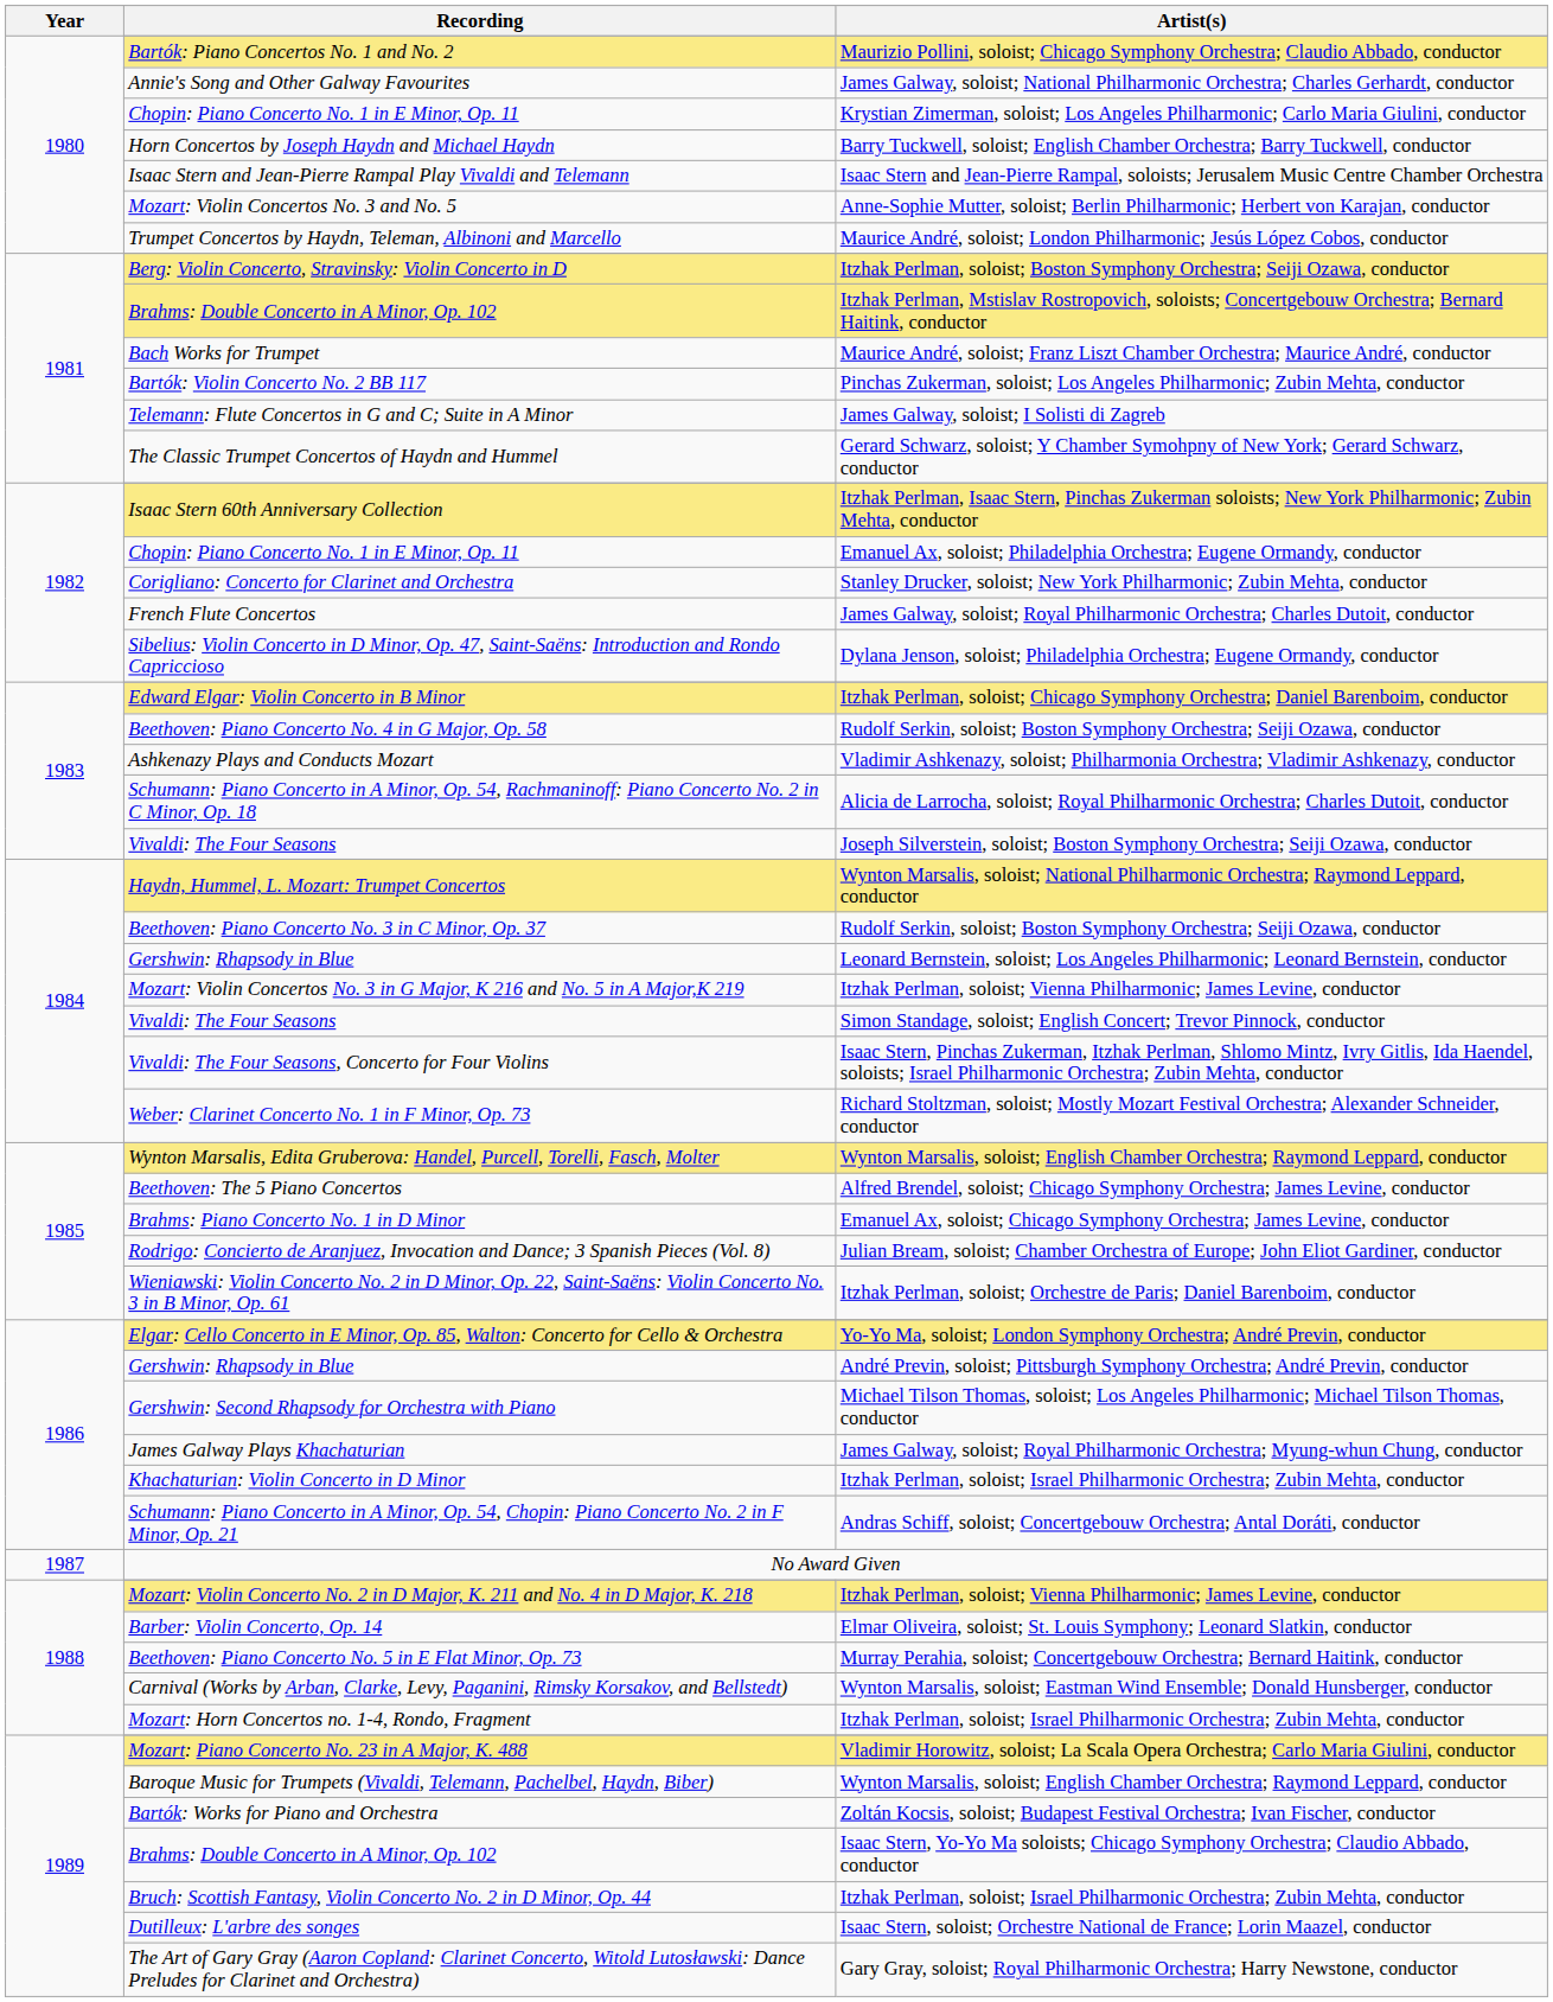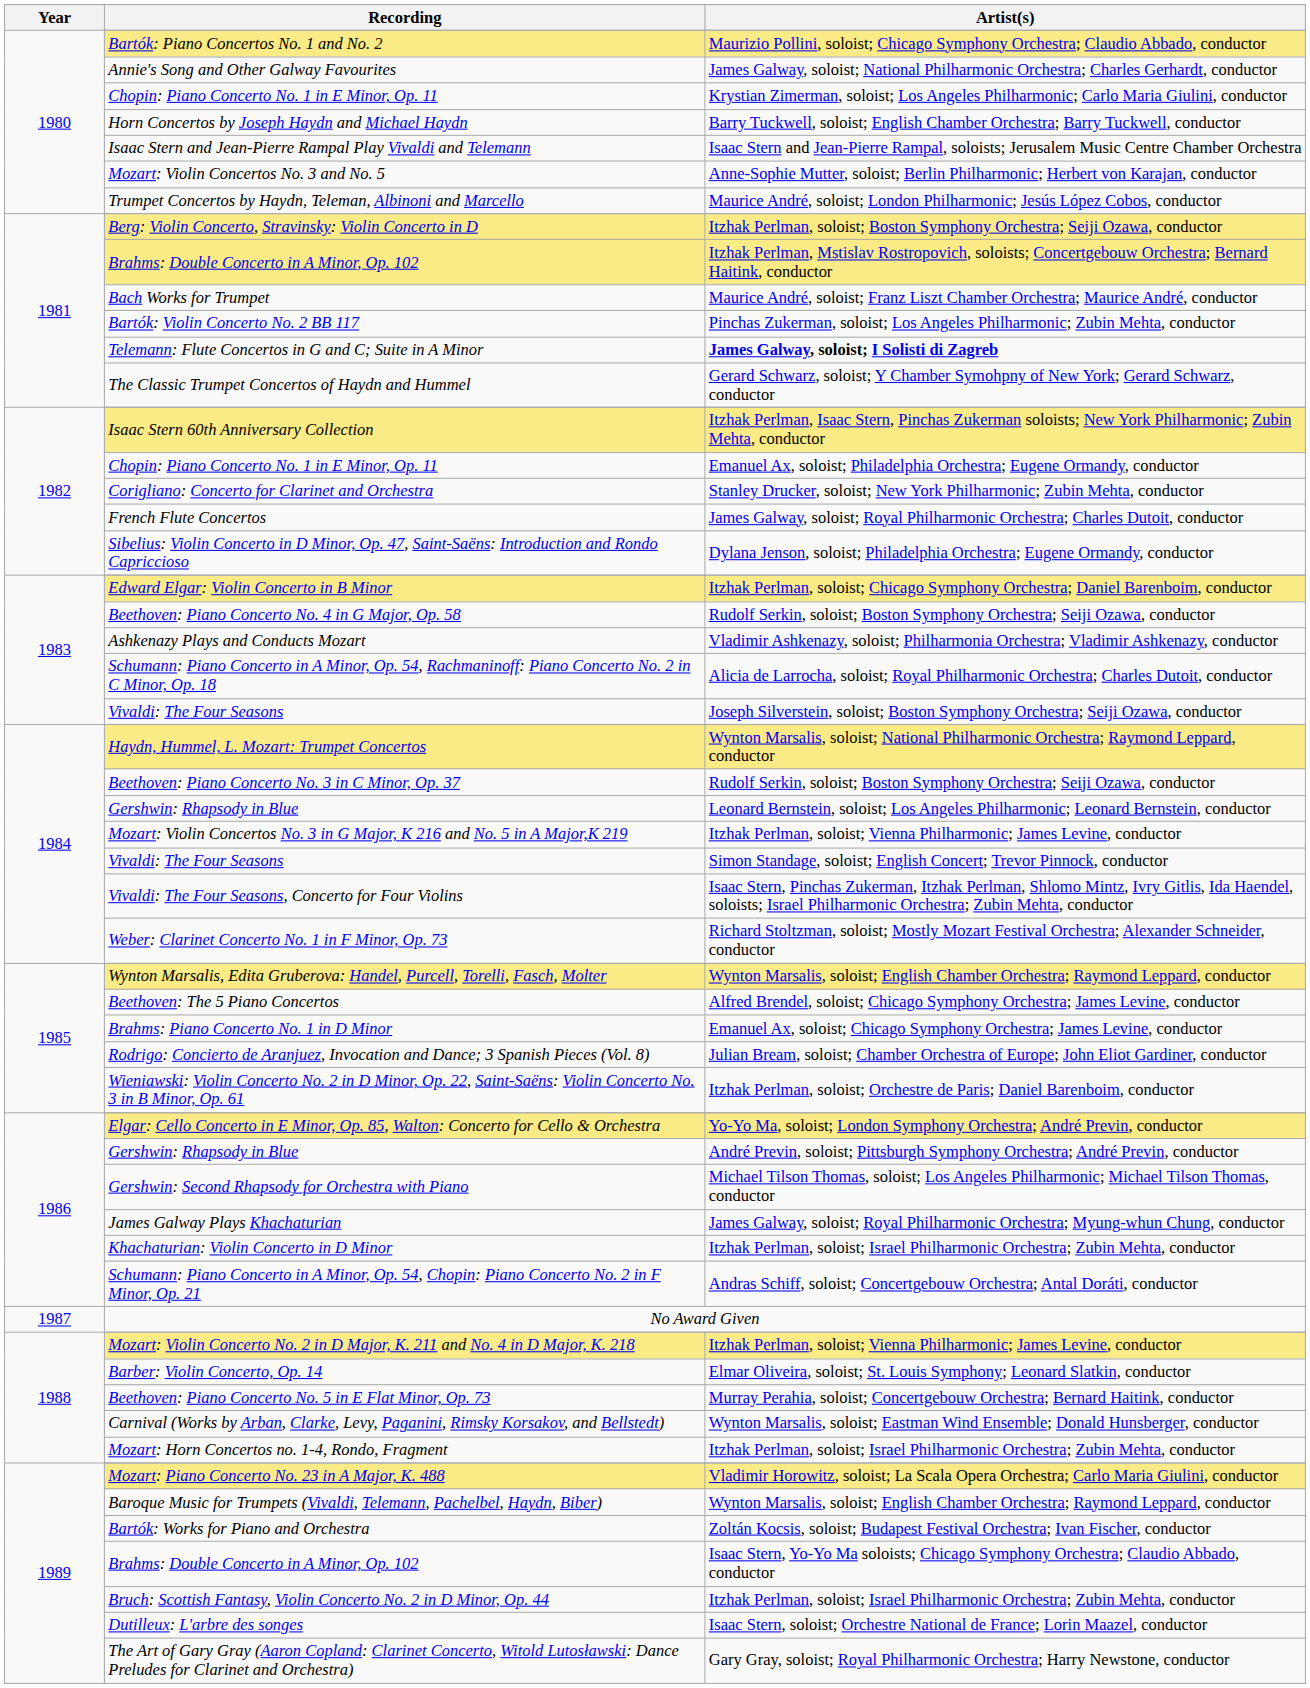 <table class="wikitable" style="width:100%">
 <tr bgcolor="#bebebe">
 </tr>
 <tr bgcolor="#bebebe">
 <th width="5%">Year</th>
 <th width="30%">Recording</th>
 <th width="30%">Artist(s)</th>
 </tr>
 <tr>
 <td rowspan="8" style="text-align:center;"><a href='#'>1980</a><br></td>
 </tr>
 <tr style="background:#FAEB86;">
 <td><em><a href='#'>Bartók</a>: Piano Concertos No. 1 and No. 2</em></td>
 <td><a href='#'>Maurizio Pollini</a>, soloist; <a href='#'>Chicago Symphony Orchestra</a>; <a href='#'>Claudio Abbado</a>, conductor</td>
 </tr>
 <tr>
 <td><em>Annie's Song and Other Galway Favourites</em></td>
 <td><a href='#'>James Galway</a>, soloist; <a href='#'>National Philharmonic Orchestra</a>; <a href='#'>Charles Gerhardt</a>, conductor</td>
 </tr>
 <tr>
 <td><em><a href='#'>Chopin</a>: <a href='#'>Piano Concerto No. 1 in E Minor, Op. 11</a></em></td>
 <td><a href='#'>Krystian Zimerman</a>, soloist; <a href='#'>Los Angeles Philharmonic</a>; <a href='#'>Carlo Maria Giulini</a>, conductor</td>
 </tr>
 <tr>
 <td><em>Horn Concertos by <a href='#'>Joseph Haydn</a> and <a href='#'>Michael Haydn</a></em></td>
 <td><a href='#'>Barry Tuckwell</a>, soloist; <a href='#'>English Chamber Orchestra</a>; <a href='#'>Barry Tuckwell</a>, conductor</td>
 </tr>
 <tr>
 <td><em>Isaac Stern and Jean-Pierre Rampal Play <a href='#'>Vivaldi</a> and <a href='#'>Telemann</a></em></td>
 <td><a href='#'>Isaac Stern</a> and <a href='#'>Jean-Pierre Rampal</a>, soloists; Jerusalem Music Centre Chamber Orchestra</td>
 </tr>
 <tr>
 <td><em><a href='#'>Mozart</a>: Violin Concertos No. 3 and No. 5</em></td>
 <td><a href='#'>Anne-Sophie Mutter</a>, soloist; <a href='#'>Berlin Philharmonic</a>; <a href='#'>Herbert von Karajan</a>, conductor</td>
 </tr>
 <tr>
 <td><em>Trumpet Concertos by Haydn, Teleman, <a href='#'>Albinoni</a> and <a href='#'>Marcello</a></em></td>
 <td><a href='#'>Maurice André</a>, soloist; <a href='#'>London Philharmonic</a>; <a href='#'>Jesús López Cobos</a>, conductor</td>
 </tr>
 <tr>
 <td rowspan="7" style="text-align:center;"><a href='#'>1981</a><br></td>
 </tr>
 <tr style="background:#FAEB86;">
 <td><em><a href='#'>Berg</a>: <a href='#'>Violin Concerto</a>, <a href='#'>Stravinsky</a>: <a href='#'>Violin Concerto in D</a></em></td>
 <td><a href='#'>Itzhak Perlman</a>, soloist; <a href='#'>Boston Symphony Orchestra</a>; <a href='#'>Seiji Ozawa</a>, conductor</td>
 </tr>
 <tr style="background:#FAEB86;">
 <td><em><a href='#'>Brahms</a>: <a href='#'>Double Concerto in A Minor, Op. 102</a></em></td>
 <td><a href='#'>Itzhak Perlman</a>, <a href='#'>Mstislav Rostropovich</a>, soloists; <a href='#'>Concertgebouw Orchestra</a>; <a href='#'>Bernard Haitink</a>, conductor</td>
 </tr>
 <tr>
 <td><em><a href='#'>Bach</a> Works for Trumpet</em></td>
 <td><a href='#'>Maurice André</a>, soloist; <a href='#'>Franz Liszt Chamber Orchestra</a>; <a href='#'>Maurice André</a>, conductor</td>
 </tr>
 <tr>
 <td><em><a href='#'>Bartók</a>: <a href='#'>Violin Concerto No. 2 BB 117</a></em></td>
 <td><a href='#'>Pinchas Zukerman</a>, soloist; <a href='#'>Los Angeles Philharmonic</a>; <a href='#'>Zubin Mehta</a>, conductor</td>
 </tr>
 <tr>
 <td><em><a href='#'>Telemann</a>: Flute Concertos in G and C; Suite in A Minor</em></td>
-<td><a href='#'>James Galway</a>, soloist; <a href='#'>I Solisti di Zagreb</a></td>
+<td><strong><a href='#'>James Galway</a>, soloist; <a href='#'>I Solisti di Zagreb</a></strong></td>
 </tr>
 <tr>
 <td><em>The Classic Trumpet Concertos of Haydn and Hummel</em></td>
 <td><a href='#'>Gerard Schwarz</a>, soloist; <a href='#'>Y Chamber Symohpny of New York</a>; <a href='#'>Gerard Schwarz</a>, conductor</td>
 </tr>
 <tr>
 <td rowspan="6" style="text-align:center;"><a href='#'>1982</a><br></td>
 </tr>
 <tr style="background:#FAEB86;">
 <td><em>Isaac Stern 60th Anniversary Collection</em></td>
 <td><a href='#'>Itzhak Perlman</a>, <a href='#'>Isaac Stern</a>, <a href='#'>Pinchas Zukerman</a> soloists; <a href='#'>New York Philharmonic</a>; <a href='#'>Zubin Mehta</a>, conductor</td>
 </tr>
 <tr>
 <td><em><a href='#'>Chopin</a>: <a href='#'>Piano Concerto No. 1 in E Minor, Op. 11</a></em></td>
 <td><a href='#'>Emanuel Ax</a>, soloist; <a href='#'>Philadelphia Orchestra</a>; <a href='#'>Eugene Ormandy</a>, conductor</td>
 </tr>
 <tr>
 <td><em><a href='#'>Corigliano</a>: <a href='#'>Concerto for Clarinet and Orchestra</a></em></td>
 <td><a href='#'>Stanley Drucker</a>, soloist; <a href='#'>New York Philharmonic</a>; <a href='#'>Zubin Mehta</a>, conductor</td>
 </tr>
 <tr>
 <td><em>French Flute Concertos</em></td>
 <td><a href='#'>James Galway</a>, soloist; <a href='#'>Royal Philharmonic Orchestra</a>; <a href='#'>Charles Dutoit</a>, conductor</td>
 </tr>
 <tr>
 <td><em><a href='#'>Sibelius</a>: <a href='#'>Violin Concerto in D Minor, Op. 47</a>, <a href='#'>Saint-Saëns</a>: <a href='#'>Introduction and Rondo Capriccioso</a></em></td>
 <td><a href='#'>Dylana Jenson</a>, soloist; <a href='#'>Philadelphia Orchestra</a>; <a href='#'>Eugene Ormandy</a>, conductor</td>
 </tr>
 <tr>
 <td rowspan="6" style="text-align:center;"><a href='#'>1983</a><br></td>
 </tr>
 <tr style="background:#FAEB86;">
 <td><em><a href='#'>Edward Elgar</a>: <a href='#'>Violin Concerto in B Minor</a></em></td>
 <td><a href='#'>Itzhak Perlman</a>, soloist; <a href='#'>Chicago Symphony Orchestra</a>; <a href='#'>Daniel Barenboim</a>, conductor</td>
 </tr>
 <tr>
 <td><em><a href='#'>Beethoven</a>: <a href='#'>Piano Concerto No. 4 in G Major, Op. 58</a></em></td>
 <td><a href='#'>Rudolf Serkin</a>, soloist; <a href='#'>Boston Symphony Orchestra</a>; <a href='#'>Seiji Ozawa</a>, conductor</td>
 </tr>
 <tr>
 <td><em>Ashkenazy Plays and Conducts Mozart</em></td>
 <td><a href='#'>Vladimir Ashkenazy</a>, soloist; <a href='#'>Philharmonia Orchestra</a>; <a href='#'>Vladimir Ashkenazy</a>, conductor</td>
 </tr>
 <tr>
 <td><em><a href='#'>Schumann</a>: <a href='#'>Piano Concerto in A Minor, Op. 54</a>, <a href='#'>Rachmaninoff</a>: <a href='#'>Piano Concerto No. 2 in C Minor, Op. 18</a></em></td>
 <td><a href='#'>Alicia de Larrocha</a>, soloist; <a href='#'>Royal Philharmonic Orchestra</a>; <a href='#'>Charles Dutoit</a>, conductor</td>
 </tr>
 <tr>
 <td><em><a href='#'>Vivaldi</a>: <a href='#'>The Four Seasons</a></em></td>
 <td><a href='#'>Joseph Silverstein</a>, soloist; <a href='#'>Boston Symphony Orchestra</a>; <a href='#'>Seiji Ozawa</a>, conductor</td>
 </tr>
 <tr>
 <td rowspan="8" style="text-align:center;"><a href='#'>1984</a><br></td>
 </tr>
 <tr style="background:#FAEB86;">
 <td><em><a href='#'>Haydn, Hummel, L. Mozart: Trumpet Concertos</a></em></td>
 <td><a href='#'>Wynton Marsalis</a>, soloist; <a href='#'>National Philharmonic Orchestra</a>; <a href='#'>Raymond Leppard</a>, conductor</td>
 </tr>
 <tr>
 <td><em><a href='#'>Beethoven</a>: <a href='#'>Piano Concerto No. 3 in C Minor, Op. 37</a></em></td>
 <td><a href='#'>Rudolf Serkin</a>, soloist; <a href='#'>Boston Symphony Orchestra</a>; <a href='#'>Seiji Ozawa</a>, conductor</td>
 </tr>
 <tr>
 <td><em><a href='#'>Gershwin</a>: <a href='#'>Rhapsody in Blue </a></em></td>
 <td><a href='#'>Leonard Bernstein</a>, soloist; <a href='#'>Los Angeles Philharmonic</a>; <a href='#'>Leonard Bernstein</a>, conductor</td>
 </tr>
 <tr>
 <td><em><a href='#'>Mozart</a>: Violin Concertos <a href='#'>No. 3 in G Major, K 216</a> and <a href='#'>No. 5 in A Major,K 219</a></em></td>
 <td><a href='#'>Itzhak Perlman</a>, soloist; <a href='#'>Vienna Philharmonic</a>; <a href='#'>James Levine</a>, conductor</td>
 </tr>
 <tr>
 <td><em><a href='#'>Vivaldi</a>: <a href='#'>The Four Seasons</a></em></td>
 <td><a href='#'>Simon Standage</a>, soloist; <a href='#'>English Concert</a>; <a href='#'>Trevor Pinnock</a>, conductor</td>
 </tr>
 <tr>
 <td><em><a href='#'>Vivaldi</a>: <a href='#'>The Four Seasons</a>, Concerto for Four Violins</em></td>
 <td><a href='#'>Isaac Stern</a>, <a href='#'>Pinchas Zukerman</a>, <a href='#'>Itzhak Perlman</a>, <a href='#'>Shlomo Mintz</a>, <a href='#'>Ivry Gitlis</a>, <a href='#'>Ida Haendel</a>, soloists; <a href='#'>Israel Philharmonic Orchestra</a>; <a href='#'>Zubin Mehta</a>, conductor</td>
 </tr>
 <tr>
 <td><em><a href='#'>Weber</a>: <a href='#'>Clarinet Concerto No. 1 in F Minor, Op. 73</a></em></td>
 <td><a href='#'>Richard Stoltzman</a>, soloist; <a href='#'>Mostly Mozart Festival Orchestra</a>; <a href='#'>Alexander Schneider</a>, conductor</td>
 </tr>
 <tr>
 <td rowspan="6" style="text-align:center;"><a href='#'>1985</a><br></td>
 </tr>
 <tr style="background:#FAEB86;">
 <td><em>Wynton Marsalis, Edita Gruberova: <a href='#'>Handel</a>, <a href='#'>Purcell</a>, <a href='#'>Torelli</a>, <a href='#'>Fasch</a>, <a href='#'>Molter</a></em></td>
 <td><a href='#'>Wynton Marsalis</a>, soloist; <a href='#'>English Chamber Orchestra</a>; <a href='#'>Raymond Leppard</a>, conductor</td>
 </tr>
 <tr>
 <td><em><a href='#'>Beethoven</a>: The 5 Piano Concertos</em></td>
 <td><a href='#'>Alfred Brendel</a>, soloist; <a href='#'>Chicago Symphony Orchestra</a>; <a href='#'>James Levine</a>, conductor</td>
 </tr>
 <tr>
 <td><em><a href='#'>Brahms</a>: <a href='#'>Piano Concerto No. 1 in D Minor</a></em></td>
 <td><a href='#'>Emanuel Ax</a>, soloist; <a href='#'>Chicago Symphony Orchestra</a>; <a href='#'>James Levine</a>, conductor</td>
 </tr>
 <tr>
 <td><em><a href='#'>Rodrigo</a>: <a href='#'>Concierto de Aranjuez</a>, Invocation and Dance; 3 Spanish Pieces (Vol. 8)</em></td>
 <td><a href='#'>Julian Bream</a>, soloist; <a href='#'>Chamber Orchestra of Europe</a>; <a href='#'>John Eliot Gardiner</a>, conductor</td>
 </tr>
 <tr>
 <td><em><a href='#'>Wieniawski</a>: <a href='#'>Violin Concerto No. 2 in D Minor, Op. 22</a>, <a href='#'>Saint-Saëns</a>: <a href='#'>Violin Concerto No. 3 in B Minor, Op. 61</a></em></td>
 <td><a href='#'>Itzhak Perlman</a>, soloist; <a href='#'>Orchestre de Paris</a>; <a href='#'>Daniel Barenboim</a>, conductor</td>
 </tr>
 <tr>
 <td rowspan="7" style="text-align:center;"><a href='#'>1986</a><br></td>
 </tr>
 <tr style="background:#FAEB86;">
 <td><em><a href='#'>Elgar</a>: <a href='#'>Cello Concerto in E Minor, Op. 85</a>, <a href='#'>Walton</a>: Concerto for Cello & Orchestra</em></td>
 <td><a href='#'>Yo-Yo Ma</a>, soloist; <a href='#'>London Symphony Orchestra</a>; <a href='#'>André Previn</a>, conductor</td>
 </tr>
 <tr>
 <td><em><a href='#'>Gershwin</a>: <a href='#'>Rhapsody in Blue</a></em></td>
 <td><a href='#'>André Previn</a>, soloist; <a href='#'>Pittsburgh Symphony Orchestra</a>; <a href='#'>André Previn</a>, conductor</td>
 </tr>
 <tr>
 <td><em><a href='#'>Gershwin</a>: <a href='#'>Second Rhapsody for Orchestra with Piano</a></em></td>
 <td><a href='#'>Michael Tilson Thomas</a>, soloist; <a href='#'>Los Angeles Philharmonic</a>; <a href='#'>Michael Tilson Thomas</a>, conductor</td>
 </tr>
 <tr>
 <td><em>James Galway Plays <a href='#'>Khachaturian</a></em></td>
 <td><a href='#'>James Galway</a>, soloist; <a href='#'>Royal Philharmonic Orchestra</a>; <a href='#'>Myung-whun Chung</a>, conductor</td>
 </tr>
 <tr>
 <td><em><a href='#'>Khachaturian</a>: <a href='#'>Violin Concerto in D Minor</a></em></td>
 <td><a href='#'>Itzhak Perlman</a>, soloist; <a href='#'>Israel Philharmonic Orchestra</a>; <a href='#'>Zubin Mehta</a>, conductor</td>
 </tr>
 <tr>
 <td><em><a href='#'>Schumann</a>: <a href='#'>Piano Concerto in A Minor, Op. 54</a>, <a href='#'>Chopin</a>: <a href='#'>Piano Concerto No. 2 in F Minor, Op. 21</a></em></td>
 <td><a href='#'>Andras Schiff</a>, soloist; <a href='#'>Concertgebouw Orchestra</a>; <a href='#'>Antal Doráti</a>, conductor</td>
 </tr>
 <tr>
 <td style="text-align:center;"><a href='#'>1987</a></td>
 <td colspan="2" style="text-align:center;"><em>No Award Given</em></td>
 </tr>
 <tr>
 <td rowspan="6" style="text-align:center;"><a href='#'>1988</a><br></td>
 </tr>
 <tr style="background:#FAEB86;">
 <td><em><a href='#'>Mozart</a>: <a href='#'>Violin Concerto No. 2 in D Major, K. 211</a> and <a href='#'>No. 4 in D Major, K. 218</a></em></td>
 <td><a href='#'>Itzhak Perlman</a>, soloist; <a href='#'>Vienna Philharmonic</a>; <a href='#'>James Levine</a>, conductor</td>
 </tr>
 <tr>
 <td><em><a href='#'>Barber</a>: <a href='#'>Violin Concerto, Op. 14</a></em></td>
 <td><a href='#'>Elmar Oliveira</a>, soloist; <a href='#'>St. Louis Symphony</a>; <a href='#'>Leonard Slatkin</a>, conductor</td>
 </tr>
 <tr>
 <td><em><a href='#'>Beethoven</a>: <a href='#'>Piano Concerto No. 5 in E Flat Minor, Op. 73</a></em></td>
 <td><a href='#'>Murray Perahia</a>, soloist; <a href='#'>Concertgebouw Orchestra</a>; <a href='#'>Bernard Haitink</a>, conductor</td>
 </tr>
 <tr>
 <td><em>Carnival (Works by <a href='#'>Arban</a>, <a href='#'>Clarke</a>, Levy, <a href='#'>Paganini</a>, <a href='#'>Rimsky Korsakov</a>, and <a href='#'>Bellstedt</a>)</em></td>
 <td><a href='#'>Wynton Marsalis</a>, soloist; <a href='#'>Eastman Wind Ensemble</a>; <a href='#'>Donald Hunsberger</a>, conductor</td>
 </tr>
 <tr>
 <td><em><a href='#'>Mozart</a>: Horn Concertos no. 1-4, Rondo, Fragment</em></td>
 <td><a href='#'>Itzhak Perlman</a>, soloist; <a href='#'>Israel Philharmonic Orchestra</a>; <a href='#'>Zubin Mehta</a>, conductor</td>
 </tr>
 <tr>
 <td rowspan="8" style="text-align:center;"><a href='#'>1989</a><br></td>
 </tr>
 <tr style="background:#FAEB86;">
 <td><em><a href='#'>Mozart</a>: <a href='#'>Piano Concerto No. 23 in A Major, K. 488</a></em></td>
 <td><a href='#'>Vladimir Horowitz</a>, soloist; La Scala Opera Orchestra; <a href='#'>Carlo Maria Giulini</a>, conductor</td>
 </tr>
 <tr>
 <td><em>Baroque Music for Trumpets (<a href='#'>Vivaldi</a>, <a href='#'>Telemann</a>, <a href='#'>Pachelbel</a>, <a href='#'>Haydn</a>, <a href='#'>Biber</a>)</em></td>
 <td><a href='#'>Wynton Marsalis</a>, soloist; <a href='#'>English Chamber Orchestra</a>; <a href='#'>Raymond Leppard</a>, conductor</td>
 </tr>
 <tr>
 <td><em><a href='#'>Bartók</a>: Works for Piano and Orchestra</em></td>
 <td><a href='#'>Zoltán Kocsis</a>, soloist; <a href='#'>Budapest Festival Orchestra</a>; <a href='#'>Ivan Fischer</a>, conductor</td>
 </tr>
 <tr>
 <td><em><a href='#'>Brahms</a>: <a href='#'>Double Concerto in A Minor, Op. 102</a></em></td>
 <td><a href='#'>Isaac Stern</a>, <a href='#'>Yo-Yo Ma</a> soloists; <a href='#'>Chicago Symphony Orchestra</a>; <a href='#'>Claudio Abbado</a>, conductor</td>
 </tr>
 <tr>
 <td><em><a href='#'>Bruch</a>: <a href='#'>Scottish Fantasy</a>, <a href='#'>Violin Concerto No. 2 in D Minor, Op. 44</a></em></td>
 <td><a href='#'>Itzhak Perlman</a>, soloist; <a href='#'>Israel Philharmonic Orchestra</a>; <a href='#'>Zubin Mehta</a>, conductor</td>
 </tr>
 <tr>
 <td><em><a href='#'>Dutilleux</a>: <a href='#'>L'arbre des songes</a></em></td>
 <td><a href='#'>Isaac Stern</a>, soloist; <a href='#'>Orchestre National de France</a>; <a href='#'>Lorin Maazel</a>, conductor</td>
 </tr>
 <tr>
 <td><em>The Art of Gary Gray (<a href='#'>Aaron Copland</a>: <a href='#'>Clarinet Concerto</a>, <a href='#'>Witold Lutosławski</a>: Dance Preludes for Clarinet and Orchestra)</em></td>
 <td>Gary Gray, soloist; <a href='#'>Royal Philharmonic Orchestra</a>; Harry Newstone, conductor</td>
 </tr>
 </table>
